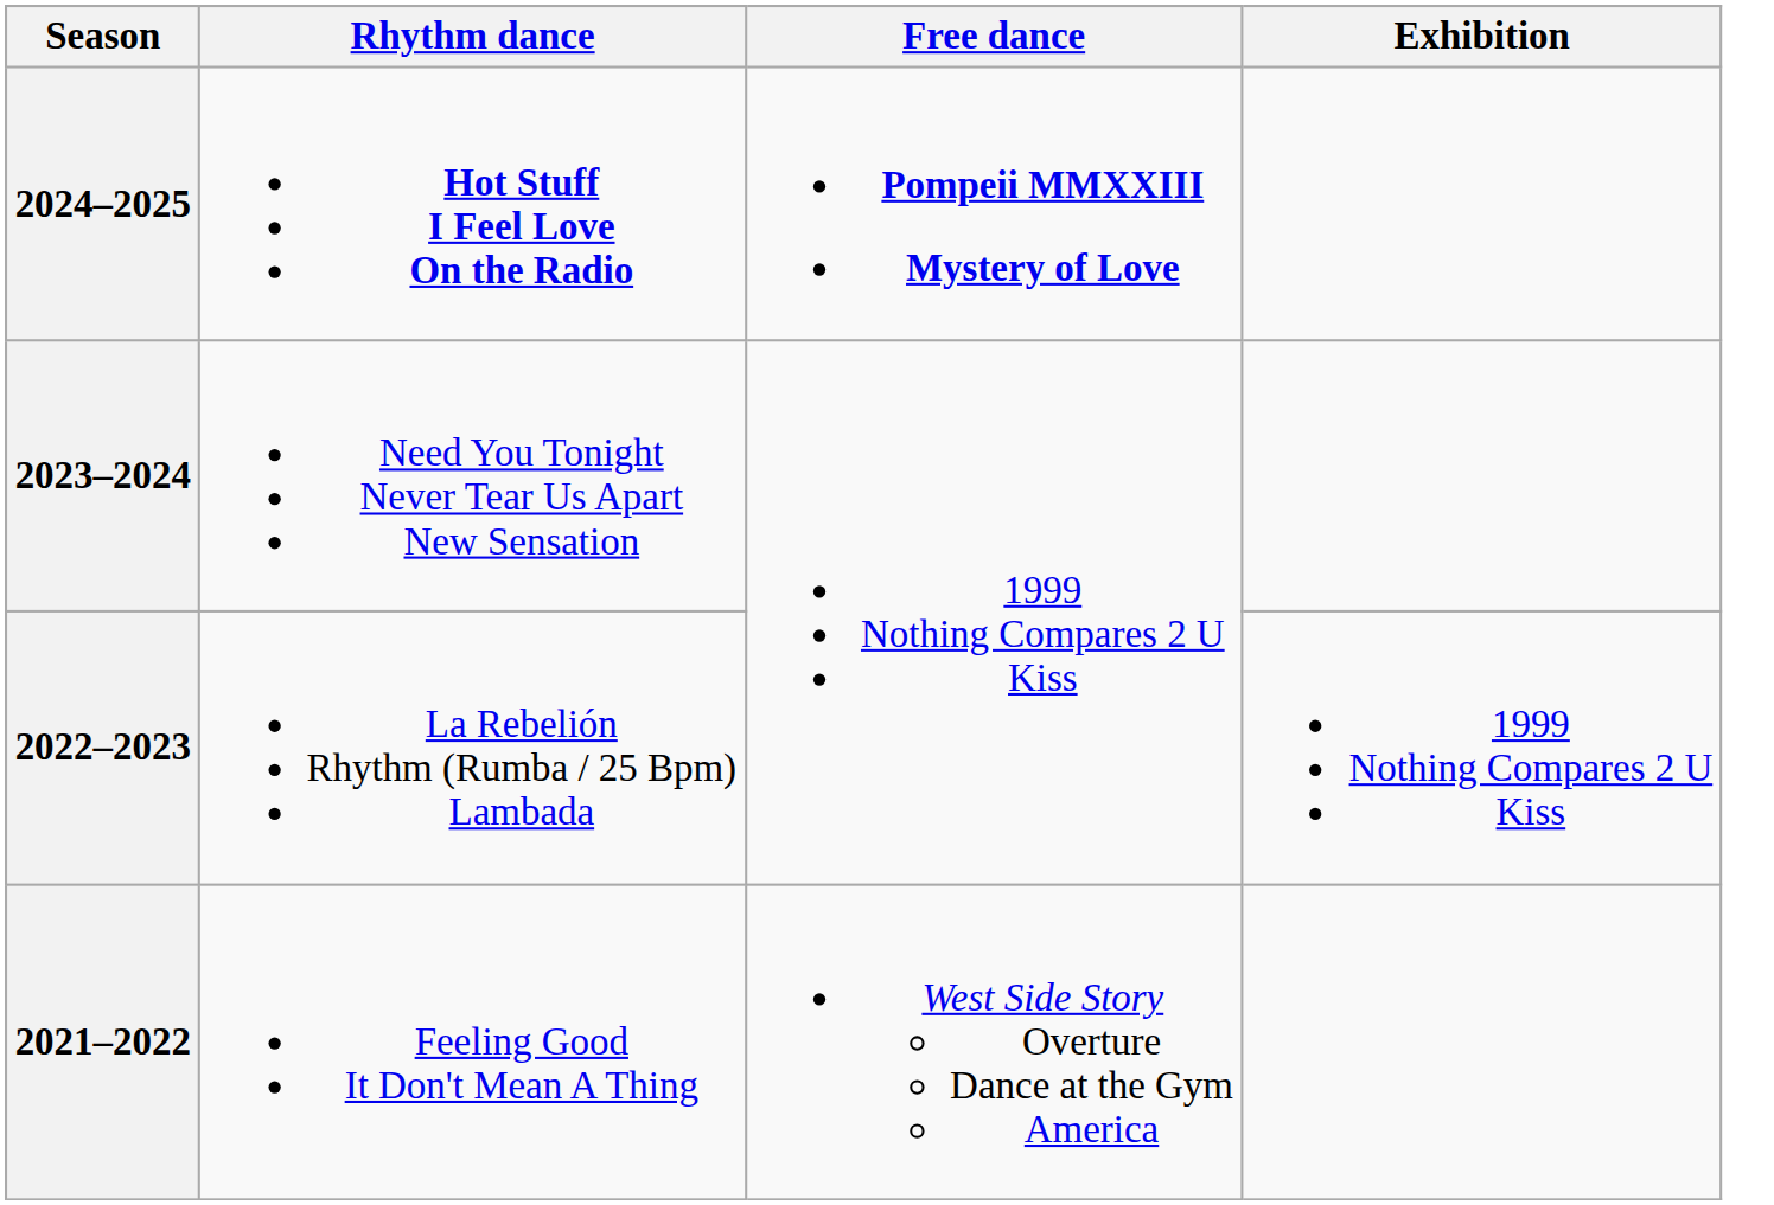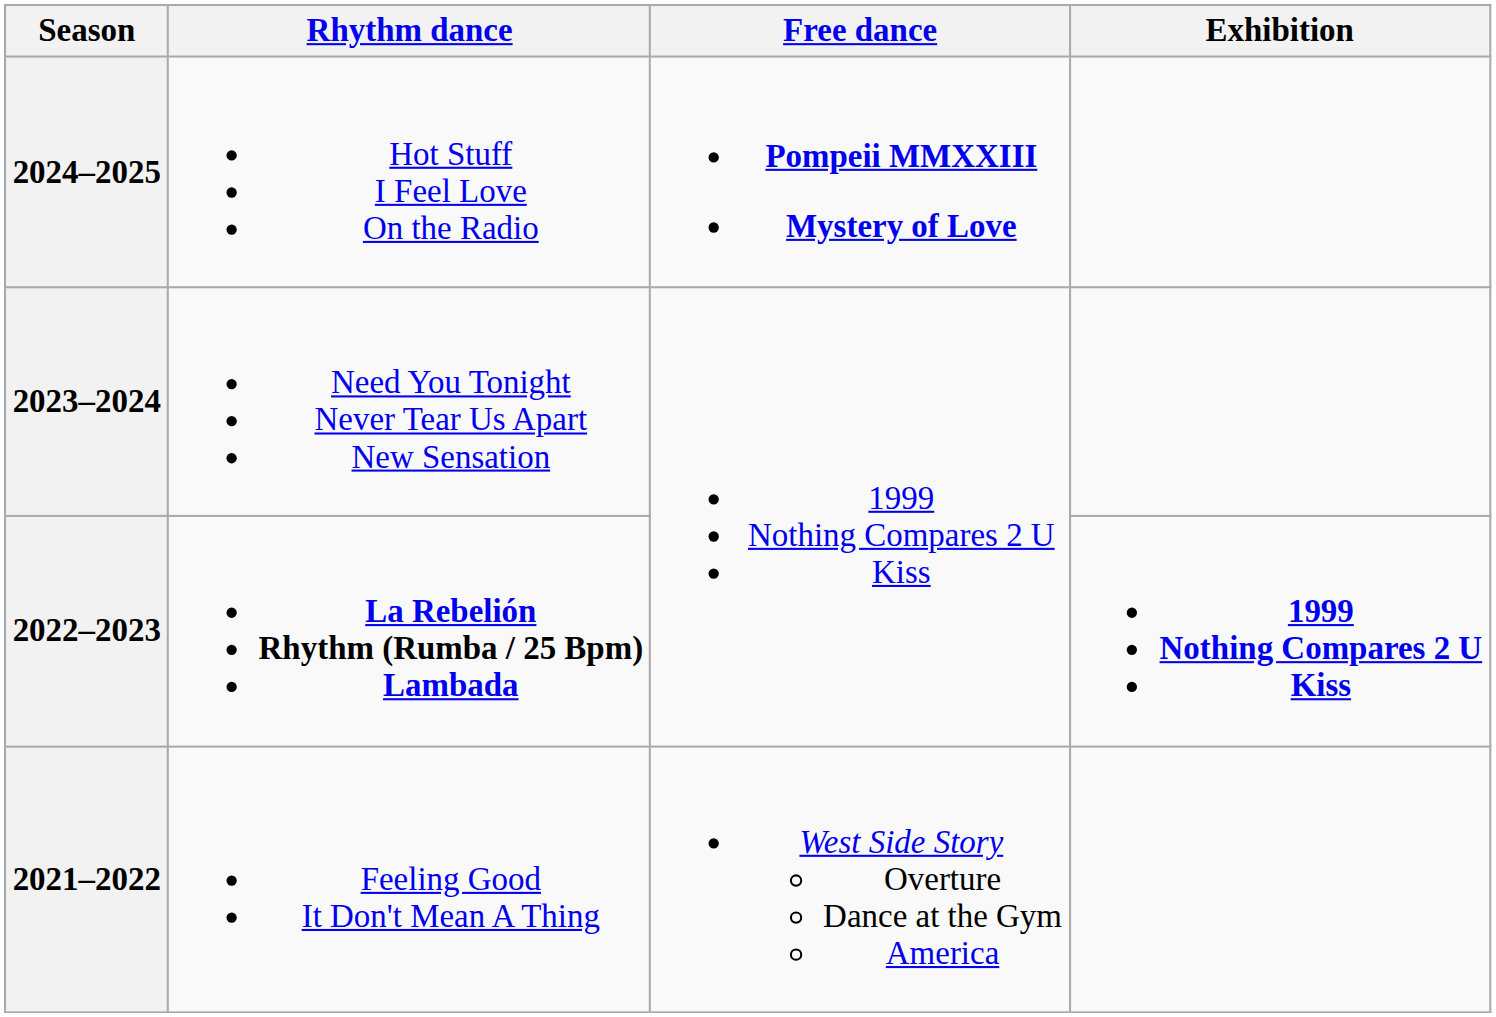 <table class=wikitable style=text-align:center>
 <tr>
 <th>Season</th>
 <th><a href='#'>Rhythm dance</a></th>
 <th><a href='#'>Free dance</a></th>
 <th>Exhibition</th>
 </tr>
 <tr>
 <th>2024–2025 <br> </th>
-<td><strong><br><ul><li><a href='#'>Hot Stuff</a></li><li><a href='#'>I Feel Love</a></li><li><a href='#'>On the Radio</a></li></ul></strong></td>
+<td><br><ul><li><a href='#'>Hot Stuff</a></li><li><a href='#'>I Feel Love</a></li><li><a href='#'>On the Radio</a></li></ul></td>
 <td><strong><br><ul><li><a href='#'>Pompeii MMXXIII</a></li></ul><ul><li><a href='#'>Mystery of Love</a></li></ul></strong></td>
 <td></td>
 </tr>
 <tr>
 <th>2023–2024 <br> </th>
 <td><br><ul><li><a href='#'>Need You Tonight</a></li><li><a href='#'>Never Tear Us Apart</a></li><li><a href='#'>New Sensation</a> <br> </li></ul></td>
 <td rowspan=2><br><ul><li><a href='#'>1999</a></li><li><a href='#'>Nothing Compares 2 U</a></li><li><a href='#'>Kiss</a> <br> </li></ul></td>
 <td></td>
 </tr>
 <tr>
 <th>2022–2023 <br> </th>
-<td><br><ul><li> <a href='#'>La Rebelión</a> <br> </li><li> Rhythm (Rumba / 25 Bpm) <br> </li><li> <a href='#'>Lambada</a> <br> </li></ul></td>
-<td><br><ul><li><a href='#'>1999</a></li><li><a href='#'>Nothing Compares 2 U</a></li><li><a href='#'>Kiss</a> <br> </li></ul></td>
+<td><strong><br><ul><li> <a href='#'>La Rebelión</a> <br> </li><li> Rhythm (Rumba / 25 Bpm) <br> </li><li> <a href='#'>Lambada</a> <br> </li></ul></strong></td>
+<td><strong><br><ul><li><a href='#'>1999</a></li><li><a href='#'>Nothing Compares 2 U</a></li><li><a href='#'>Kiss</a> <br> </li></ul></strong></td>
 </tr>
 <tr>
 <th>2021–2022 <br> </th>
 <td><br><ul><li> <a href='#'>Feeling Good</a> <br> </li><li> <a href='#'>It Don't Mean A Thing</a> <br> </li></ul></td>
 <td><br><ul><li><em><a href='#'>West Side Story</a></em><ul><li>Overture</li><li>Dance at the Gym</li><li><a href='#'>America</a> <br> </li></ul></li></ul></td>
 <td></td>
 </tr>
 </table>
